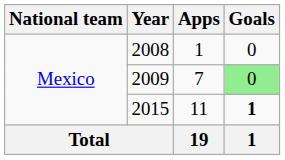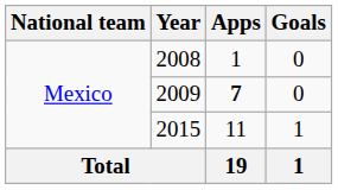 <table class="wikitable" style="text-align: center;">
 <tr>
 <th>National team</th>
 <th>Year</th>
 <th>Apps</th>
 <th>Goals</th>
 </tr>
 <tr>
 <td rowspan="3" valign="center"><a href='#'>Mexico</a></td>
 <td>2008</td>
 <td>1</td>
 <td>0</td>
 </tr>
 <tr>
 <td>2009</td>
-<td>7</td>
-<td style="background: lightgreen;">0</td>
+<td><strong>7</strong></td>
+<td>0</td>
 </tr>
 <tr>
 <td>2015</td>
 <td>11</td>
-<td><strong>1</strong></td>
+<td>1</td>
 </tr>
 <tr>
 <th colspan="2">Total</th>
 <th>19</th>
 <th>1</th>
 </tr>
 </table>
